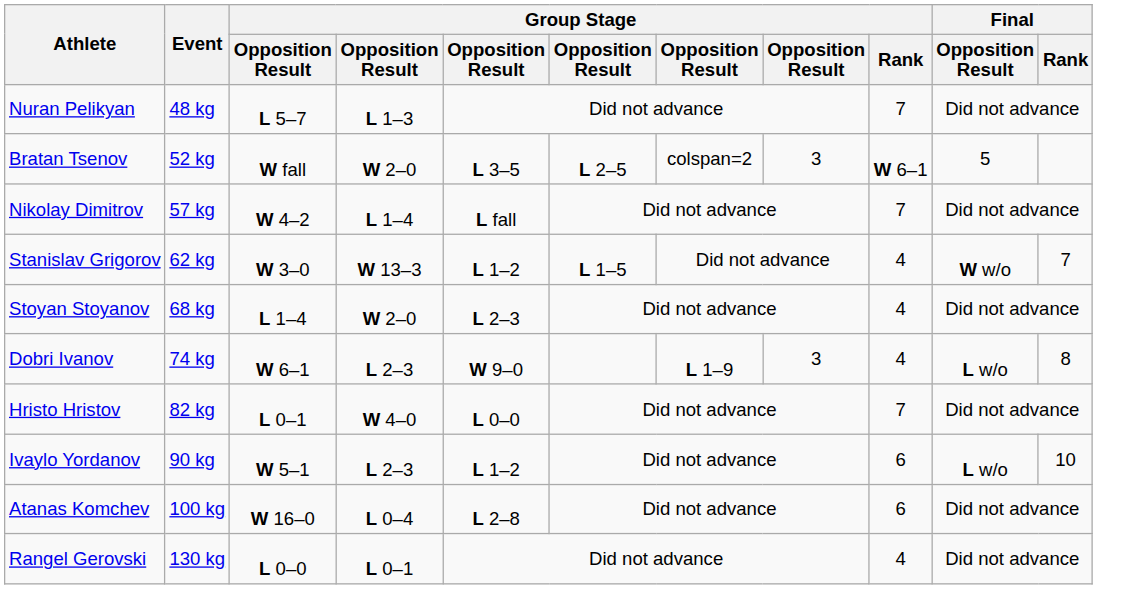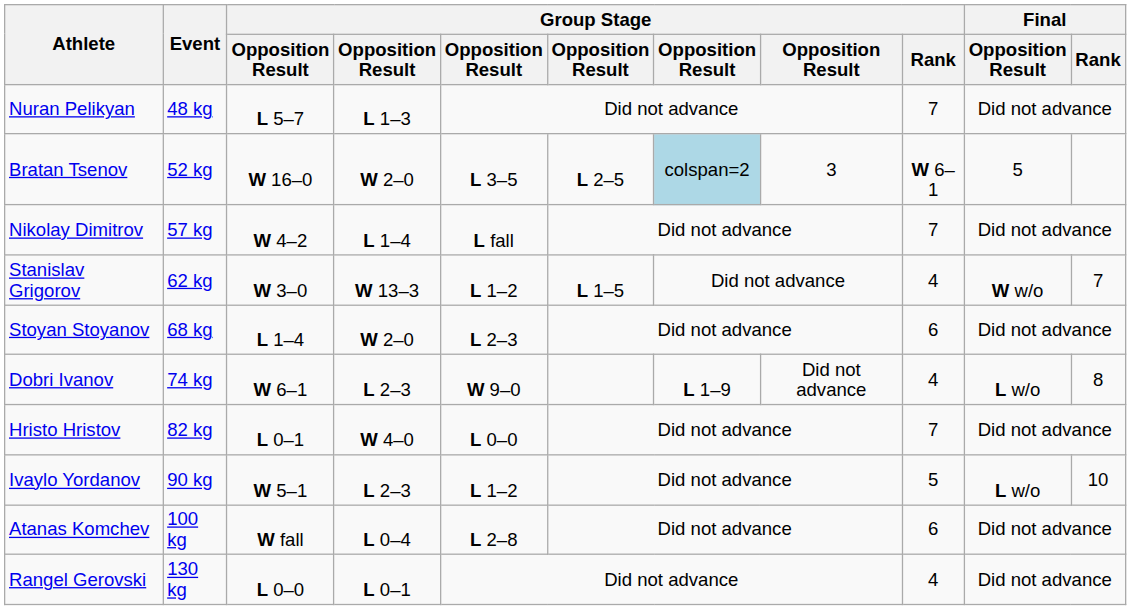 <table class=wikitable style="font-size:90%">
 <tr>
 <th rowspan="2">Athlete</th>
 <th rowspan="2">Event</th>
 <th colspan="7">Group Stage</th>
 <th colspan=2>Final</th>
 </tr>
 <tr>
 <th>Opposition<br>Result</th>
 <th>Opposition<br>Result</th>
 <th>Opposition<br>Result</th>
 <th>Opposition<br>Result</th>
 <th>Opposition<br>Result</th>
 <th>Opposition<br>Result</th>
 <th>Rank</th>
 <th>Opposition<br>Result</th>
 <th>Rank</th>
 </tr>
 <tr align=center>
 <td align=left><a href='#'>Nuran Pelikyan</a></td>
 <td align=left><a href='#'>48 kg</a></td>
 <td><br><strong>L</strong> 5–7</td>
 <td><br><strong>L</strong> 1–3</td>
 <td colspan=4>Did not advance</td>
 <td>7</td>
 <td colspan=2>Did not advance</td>
 </tr>
 <tr align=center>
 <td align=left><a href='#'>Bratan Tsenov</a></td>
 <td align=left><a href='#'>52 kg</a></td>
-<td><br><strong>W</strong> fall</td>
+<td><br><strong>W</strong> 16–0</td>
 <td><br><strong>W</strong> 2–0</td>
 <td><br><strong>L</strong> 3–5</td>
 <td><br><strong>L</strong> 2–5</td>
-<td>colspan=2</td>
+<td style="background: lightblue;">colspan=2</td>
 <td>3</td>
 <td><br><strong>W</strong> 6–1</td>
 <td>5</td>
 </tr>
 <tr align=center>
 <td align=left><a href='#'>Nikolay Dimitrov</a></td>
 <td align=left><a href='#'>57 kg</a></td>
 <td><br><strong>W</strong> 4–2</td>
 <td><br><strong>L</strong> 1–4</td>
 <td><br><strong>L</strong> fall</td>
 <td colspan=3>Did not advance</td>
 <td>7</td>
 <td colspan=2>Did not advance</td>
 </tr>
 <tr align=center>
 <td align=left><a href='#'>Stanislav Grigorov</a></td>
 <td align=left><a href='#'>62 kg</a></td>
 <td><br><strong>W</strong> 3–0</td>
 <td><br><strong>W</strong> 13–3</td>
 <td><br><strong>L</strong> 1–2</td>
 <td><br><strong>L</strong> 1–5</td>
 <td colspan=2>Did not advance</td>
 <td>4</td>
 <td><br><strong>W</strong> w/o</td>
 <td>7</td>
 </tr>
 <tr align=center>
 <td align=left><a href='#'>Stoyan Stoyanov</a></td>
 <td align=left><a href='#'>68 kg</a></td>
 <td><br><strong>L</strong> 1–4</td>
 <td><br><strong>W</strong> 2–0</td>
 <td><br><strong>L</strong> 2–3</td>
 <td colspan=3>Did not advance</td>
-<td>4</td>
+<td>6</td>
 <td colspan=2>Did not advance</td>
 </tr>
 <tr align=center>
 <td align=left><a href='#'>Dobri Ivanov</a></td>
 <td align=left><a href='#'>74 kg</a></td>
 <td><br><strong>W</strong> 6–1</td>
 <td><br><strong>L</strong> 2–3</td>
 <td><br><strong>W</strong> 9–0</td>
 <td></td>
 <td><br><strong>L</strong> 1–9</td>
-<td>3</td>
+<td>Did not advance</td>
 <td>4</td>
 <td><br><strong>L</strong> w/o</td>
 <td>8</td>
 </tr>
 <tr align=center>
 <td align=left><a href='#'>Hristo Hristov</a></td>
 <td align=left><a href='#'>82 kg</a></td>
 <td><br><strong>L</strong> 0–1</td>
 <td><br><strong>W</strong> 4–0</td>
 <td><br><strong>L</strong> 0–0</td>
 <td colspan=3>Did not advance</td>
 <td>7</td>
 <td colspan=2>Did not advance</td>
 </tr>
 <tr align=center>
 <td align=left><a href='#'>Ivaylo Yordanov</a></td>
 <td align=left><a href='#'>90 kg</a></td>
 <td><br><strong>W</strong> 5–1</td>
 <td><br><strong>L</strong> 2–3</td>
 <td><br><strong>L</strong> 1–2</td>
 <td colspan=3>Did not advance</td>
-<td>6</td>
+<td>5</td>
 <td><br><strong>L</strong> w/o</td>
 <td>10</td>
 </tr>
 <tr align=center>
 <td align=left><a href='#'>Atanas Komchev</a></td>
 <td align=left><a href='#'>100 kg</a></td>
-<td><br><strong>W</strong> 16–0</td>
+<td><br><strong>W</strong> fall</td>
 <td><br><strong>L</strong> 0–4</td>
 <td><br><strong>L</strong> 2–8</td>
 <td colspan=3>Did not advance</td>
 <td>6</td>
 <td colspan=2>Did not advance</td>
 </tr>
 <tr align=center>
 <td align=left><a href='#'>Rangel Gerovski</a></td>
 <td align=left><a href='#'>130 kg</a></td>
 <td><br><strong>L</strong> 0–0</td>
 <td><br><strong>L</strong> 0–1</td>
 <td colspan=4>Did not advance</td>
 <td>4</td>
 <td colspan=2>Did not advance</td>
 </tr>
 </table>
